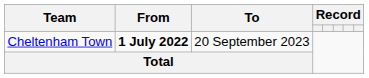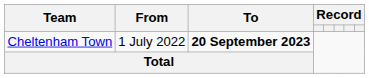 <table class=wikitable style=text-align:center>
 <tr>
 <th rowspan=2>Team</th>
 <th rowspan=2>From</th>
 <th rowspan=2>To</th>
 <th colspan=5>Record</th>
 </tr>
 <tr>
 <th></th>
 <th></th>
 <th></th>
 <th></th>
 <th></th>
 </tr>
 <tr>
 <td align=left><a href='#'>Cheltenham Town</a></td>
-<td align=left><strong>1 July 2022</strong></td>
-<td align=left>20 September 2023<br></td>
+<td align=left>1 July 2022</td>
+<td align=left><strong>20 September 2023<br></strong></td>
 </tr>
 <tr>
 <th colspan=3>Total<br></th>
 </tr>
 </table>
